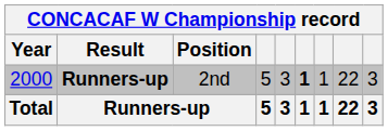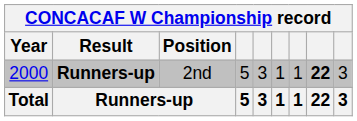 <table class="wikitable" style="text-align: center;">
 <tr>
 <th colspan=9><a href='#'>CONCACAF W Championship</a> record</th>
 </tr>
 <tr>
 <th>Year</th>
 <th>Result</th>
 <th>Position</th>
 <th></th>
 <th></th>
 <th></th>
 <th></th>
 <th></th>
 <th></th>
 </tr>
 <tr bgcolor=silver>
 <td> <a href='#'>2000</a></td>
 <td><strong>Runners-up</strong></td>
 <td>2nd</td>
 <td>5</td>
 <td>3</td>
-<td><strong>1</strong></td>
 <td>1</td>
-<td>22</td>
+<td>1</td>
+<td><strong>22</strong></td>
 <td>3</td>
 </tr>
 <tr>
 <th>Total</th>
 <th colspan=2>Runners-up</th>
 <th>5</th>
 <th>3</th>
 <th>1</th>
 <th>1</th>
 <th>22</th>
 <th>3</th>
 </tr>
 </table>
